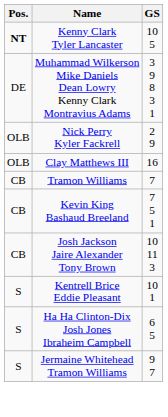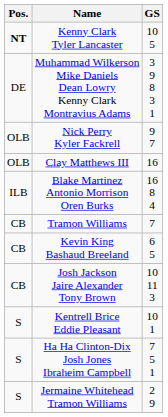 <table class="wikitable" style="text-align:center">
 <tr>
 <th>Pos.</th>
 <th>Name</th>
 <th>GS</th>
 </tr>
 <tr>
 <td><strong>NT</strong></td>
 <td><a href='#'>Kenny Clark</a><br><a href='#'>Tyler Lancaster</a></td>
 <td>10<br>5</td>
 </tr>
 <tr>
 <td>DE</td>
 <td><a href='#'>Muhammad Wilkerson</a><br><a href='#'>Mike Daniels</a><br><a href='#'>Dean Lowry</a><br>Kenny Clark<br><a href='#'>Montravius Adams</a></td>
 <td>3<br>9<br>8<br>3<br>1</td>
 </tr>
 <tr>
 <td>OLB</td>
 <td><a href='#'>Nick Perry</a><br><a href='#'>Kyler Fackrell</a></td>
-<td>2<br>9</td>
+<td>9<br>7</td>
 </tr>
 <tr>
 <td>OLB</td>
 <td><a href='#'>Clay Matthews III</a></td>
 <td>16</td>
+</tr>
+<tr>
+<td>ILB</td>
+<td><a href='#'>Blake Martinez</a><br><a href='#'>Antonio Morrison</a><br><a href='#'>Oren Burks</a></td>
+<td>16<br>8<br>4</td>
 </tr>
 <tr>
 <td>CB</td>
 <td><a href='#'>Tramon Williams</a></td>
 <td>7</td>
 </tr>
 <tr>
 <td>CB</td>
 <td><a href='#'>Kevin King</a><br><a href='#'>Bashaud Breeland</a></td>
-<td>7<br>5<br>1</td>
+<td>6<br>5</td>
 </tr>
 <tr>
 <td>CB</td>
 <td><a href='#'>Josh Jackson</a><br><a href='#'>Jaire Alexander</a><br><a href='#'>Tony Brown</a></td>
 <td>10<br>11<br>3</td>
 </tr>
 <tr>
 <td>S</td>
 <td><a href='#'>Kentrell Brice</a><br><a href='#'>Eddie Pleasant</a></td>
 <td>10<br>1</td>
 </tr>
 <tr>
 <td>S</td>
 <td><a href='#'>Ha Ha Clinton-Dix</a><br><a href='#'>Josh Jones</a><br><a href='#'>Ibraheim Campbell</a></td>
-<td>6<br>5</td>
+<td>7<br>5<br>1</td>
 </tr>
 <tr>
 <td>S</td>
 <td><a href='#'>Jermaine Whitehead</a><br><a href='#'>Tramon Williams</a></td>
-<td>9<br>7</td>
+<td>2<br>9</td>
 </tr>
 </table>
